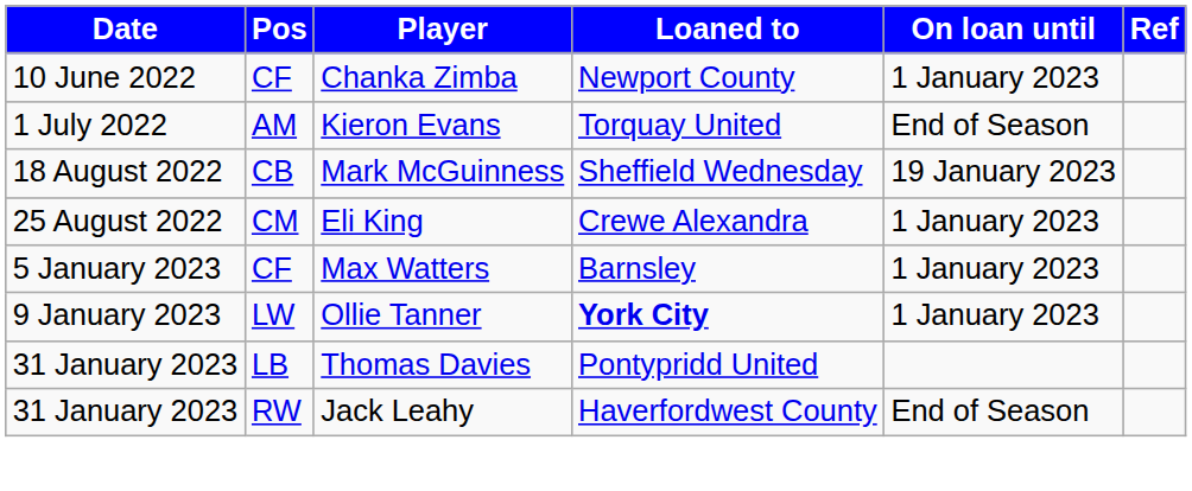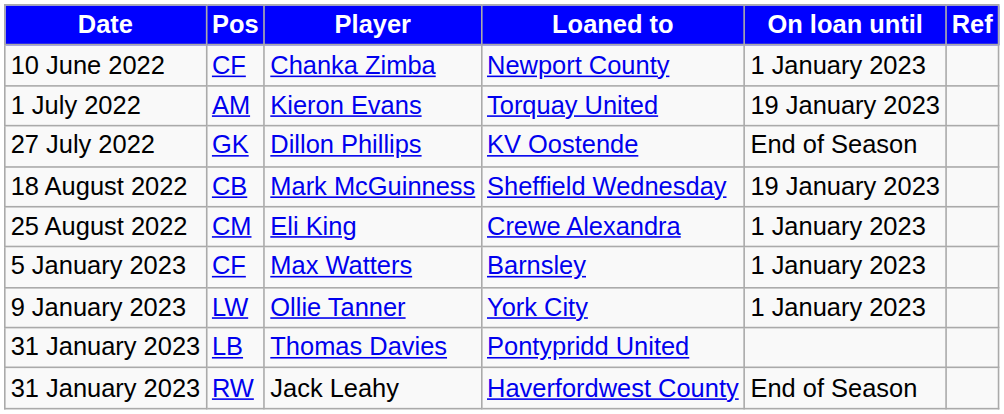 <table class="wikitable plainrowheaders sortable">
 <tr>
 <th style="background:#0000FF; color:#FFFFFF; ">Date</th>
 <th style="background:#0000FF; color:#FFFFFF; ">Pos</th>
 <th style="background:#0000FF; color:#FFFFFF; ">Player</th>
 <th style="background:#0000FF; color:#FFFFFF; ">Loaned to</th>
 <th style="background:#0000FF; color:#FFFFFF; ">On loan until</th>
 <th style="background:#0000FF; color:#FFFFFF; ">Ref</th>
 </tr>
 <tr>
 <td>10 June 2022</td>
 <td><a href='#'>CF</a></td>
 <td> <a href='#'>Chanka Zimba</a></td>
 <td> <a href='#'>Newport County</a></td>
 <td>1 January 2023</td>
 <td></td>
 </tr>
 <tr>
 <td>1 July 2022</td>
 <td><a href='#'>AM</a></td>
 <td> <a href='#'>Kieron Evans</a></td>
 <td> <a href='#'>Torquay United</a></td>
+<td>19 January 2023</td>
+<td></td>
+</tr>
+<tr>
+<td>27 July 2022</td>
+<td><a href='#'>GK</a></td>
+<td> <a href='#'>Dillon Phillips</a></td>
+<td> <a href='#'>KV Oostende</a></td>
 <td>End of Season</td>
 <td></td>
 </tr>
 <tr>
 <td>18 August 2022</td>
 <td><a href='#'>CB</a></td>
 <td> <a href='#'>Mark McGuinness</a></td>
 <td> <a href='#'>Sheffield Wednesday</a></td>
 <td>19 January 2023</td>
 <td></td>
 </tr>
 <tr>
 <td>25 August 2022</td>
 <td><a href='#'>CM</a></td>
 <td> <a href='#'>Eli King</a></td>
 <td> <a href='#'>Crewe Alexandra</a></td>
 <td>1 January 2023</td>
 <td></td>
 </tr>
 <tr>
 <td>5 January 2023</td>
 <td><a href='#'>CF</a></td>
 <td> <a href='#'>Max Watters</a></td>
 <td> <a href='#'>Barnsley</a></td>
 <td>1 January 2023</td>
 <td></td>
 </tr>
 <tr>
 <td>9 January 2023</td>
 <td><a href='#'>LW</a></td>
 <td> <a href='#'>Ollie Tanner</a></td>
-<td><strong> <a href='#'>York City</a></strong></td>
+<td> <a href='#'>York City</a></td>
 <td>1 January 2023</td>
 <td></td>
 </tr>
 <tr>
 <td>31 January 2023</td>
 <td><a href='#'>LB</a></td>
 <td> <a href='#'>Thomas Davies</a></td>
 <td> <a href='#'>Pontypridd United</a></td>
 <td></td>
 <td></td>
 </tr>
 <tr>
 <td>31 January 2023</td>
 <td><a href='#'>RW</a></td>
 <td> Jack Leahy</td>
 <td> <a href='#'>Haverfordwest County</a></td>
 <td>End of Season</td>
 <td></td>
 </tr>
 </table>
